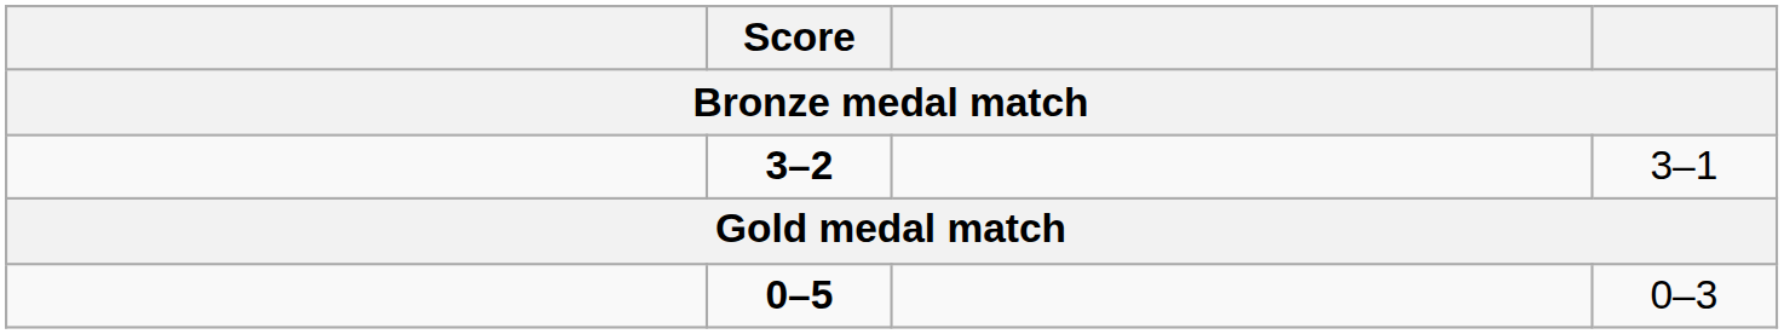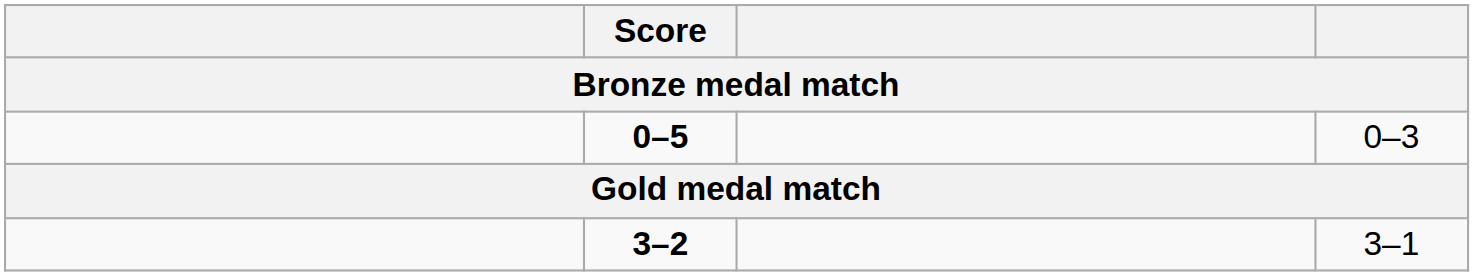 <table class="wikitable" style="text-align: left;">
 <tr>
 <th align="right" width="270"></th>
 <th width="65">Score</th>
 <th align="left" width="270"></th>
 <th width="65"></th>
 </tr>
 <tr>
 <th colspan=4>Bronze medal match</th>
 </tr>
 <tr>
+<td></td>
+<td align="center"><strong>0–5</strong></td>
+<td><strong></strong></td>
+<td align=center>0–3 <strong></strong></td>
+</tr>
+<tr>
+<th colspan=4>Gold medal match</th>
+</tr>
+<tr>
 <td><strong></strong></td>
 <td align="center"><strong>3–2</strong></td>
 <td></td>
 <td align=center>3–1 <strong></strong></td>
 </tr>
-<tr>
-<th colspan=4>Gold medal match</th>
-</tr>
-<tr>
-<td></td>
-<td align="center"><strong>0–5</strong></td>
-<td><strong></strong></td>
-<td align=center>0–3 <strong></strong></td>
-</tr>
 </table>
